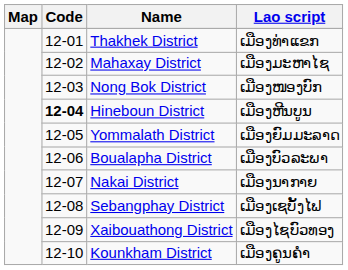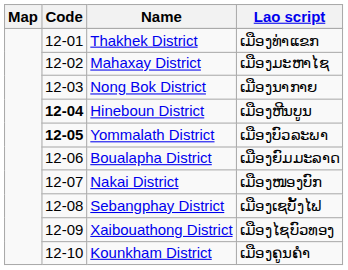 <table class="wikitable"  style="font-size:90%;">
 <tr>
 <th>Map</th>
 <th>Code</th>
 <th>Name</th>
 <th><a href='#'>Lao script</a></th>
 </tr>
 <tr>
 <td rowspan=12></td>
 </tr>
 <tr>
 <td>12-01</td>
 <td><a href='#'>Thakhek District</a></td>
 <td>ເມືອງທ່າແຂກ</td>
 </tr>
 <tr>
 <td>12-02</td>
 <td><a href='#'>Mahaxay District</a></td>
 <td>ເມືອງມະຫາໄຊ</td>
 </tr>
 <tr>
 <td>12-03</td>
 <td><a href='#'>Nong Bok District</a></td>
-<td>ເມືອງໜອງບົກ</td>
+<td>ເມືອງນາກາຍ</td>
 </tr>
 <tr>
 <td><strong>12-04</strong></td>
 <td><a href='#'>Hineboun District</a></td>
 <td>ເມືອງຫີນບູນ</td>
 </tr>
 <tr>
-<td>12-05</td>
+<td><strong>12-05</strong></td>
 <td><a href='#'>Yommalath District</a></td>
-<td>ເມືອງຍົມມະລາດ</td>
+<td>ເມືອງບົວລະພາ</td>
 </tr>
 <tr>
 <td>12-06</td>
 <td><a href='#'>Boualapha District</a></td>
-<td>ເມືອງບົວລະພາ</td>
+<td>ເມືອງຍົມມະລາດ</td>
 </tr>
 <tr>
 <td>12-07</td>
 <td><a href='#'>Nakai District</a></td>
-<td>ເມືອງນາກາຍ</td>
+<td>ເມືອງໜອງບົກ</td>
 </tr>
 <tr>
 <td>12-08</td>
 <td><a href='#'>Sebangphay District</a></td>
 <td>ເມືອງເຊບັ້ງໄຟ</td>
 </tr>
 <tr>
 <td>12-09</td>
 <td><a href='#'>Xaibouathong District</a></td>
 <td>ເມືອງໄຊບົວທອງ</td>
 </tr>
 <tr>
 <td>12-10</td>
 <td><a href='#'>Kounkham District</a></td>
 <td>ເມືອງຄູນຄຳ</td>
 </tr>
 </table>
